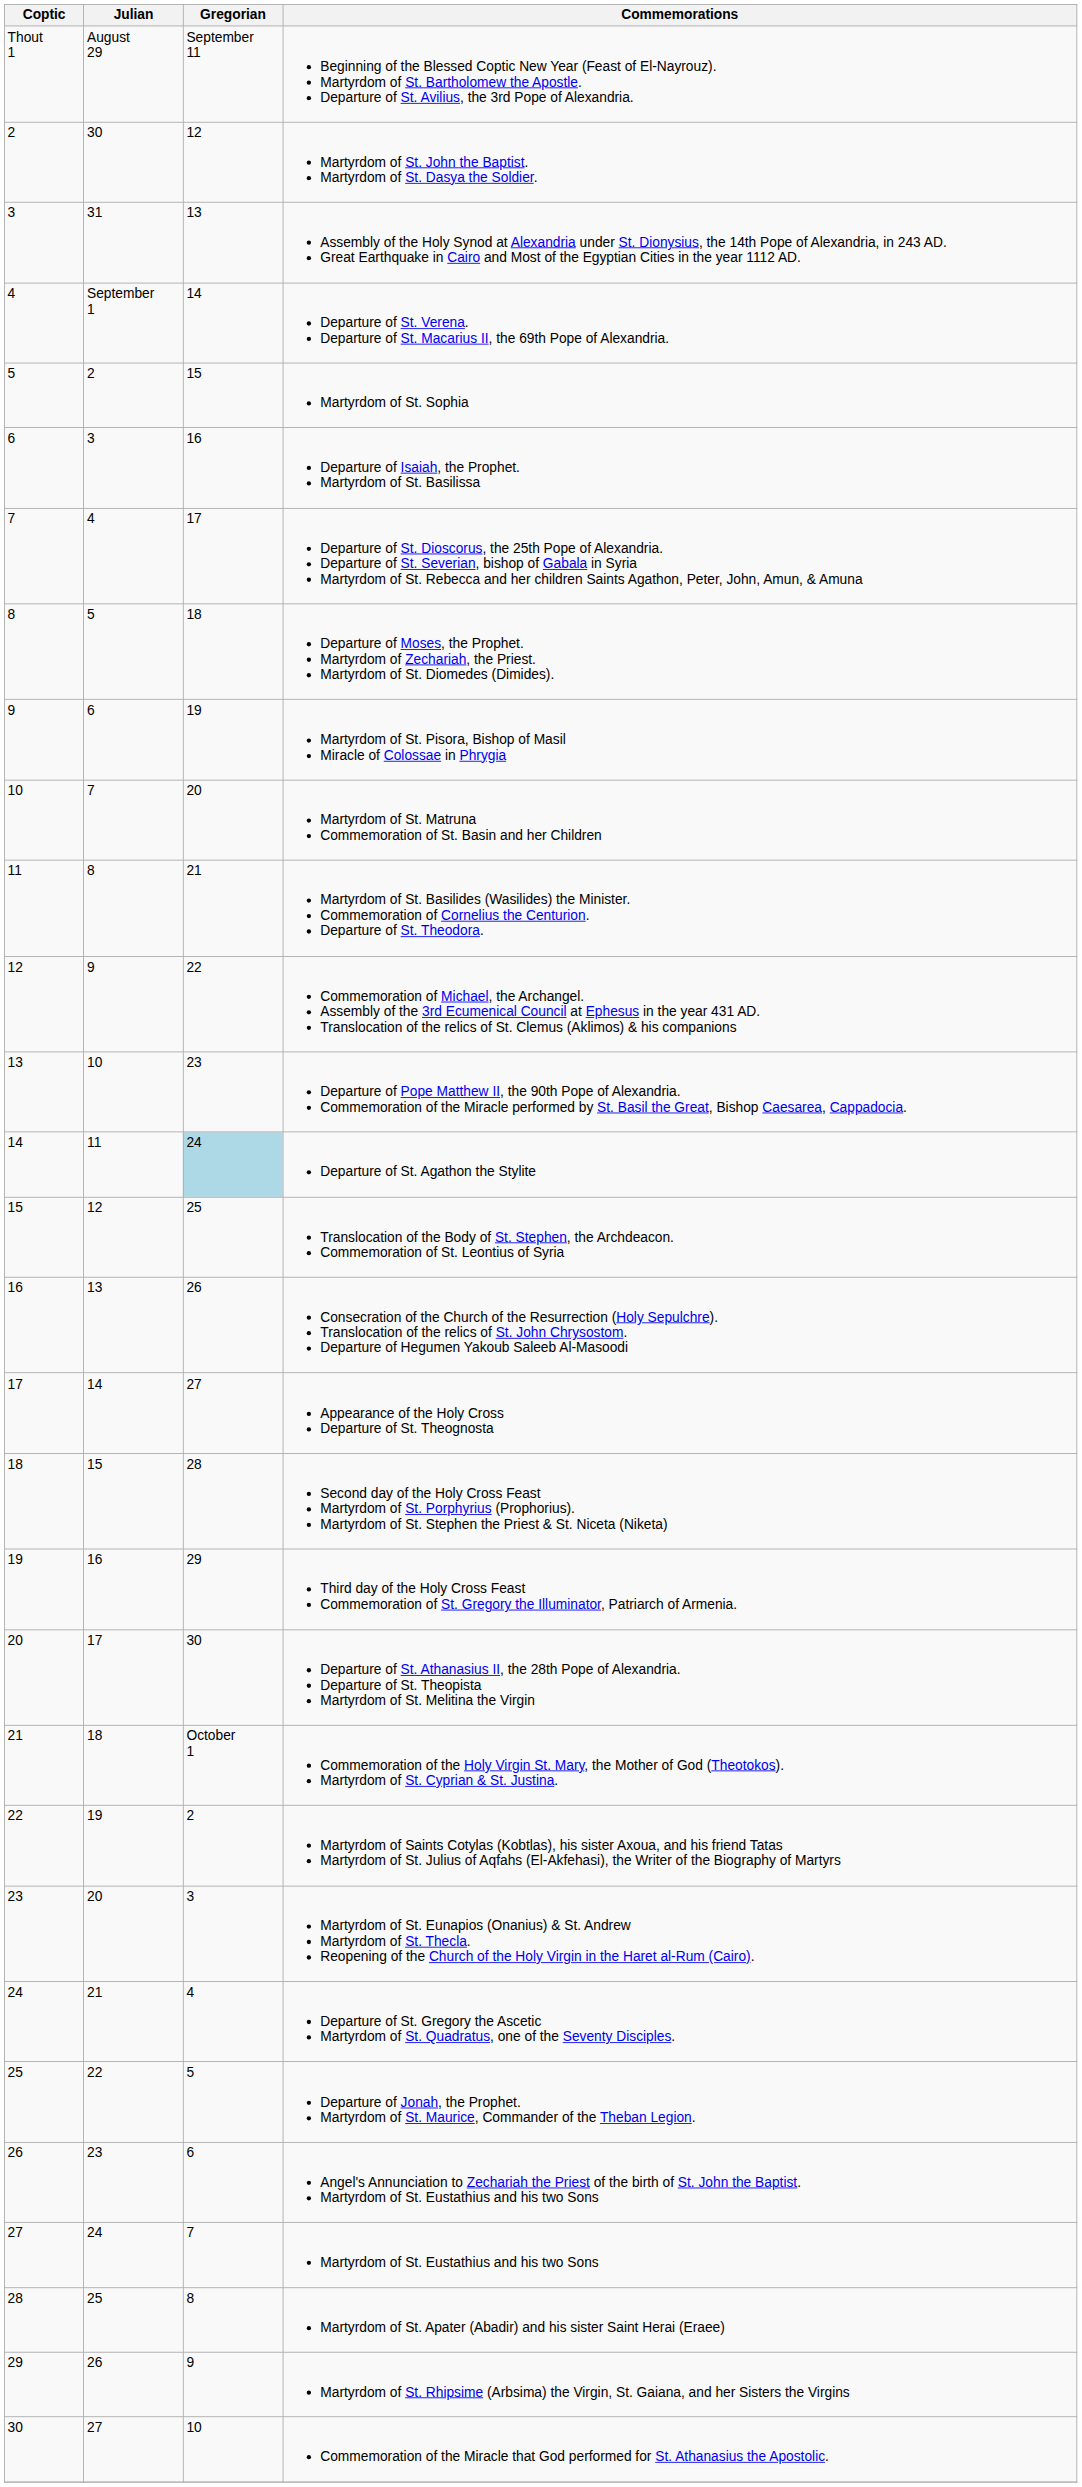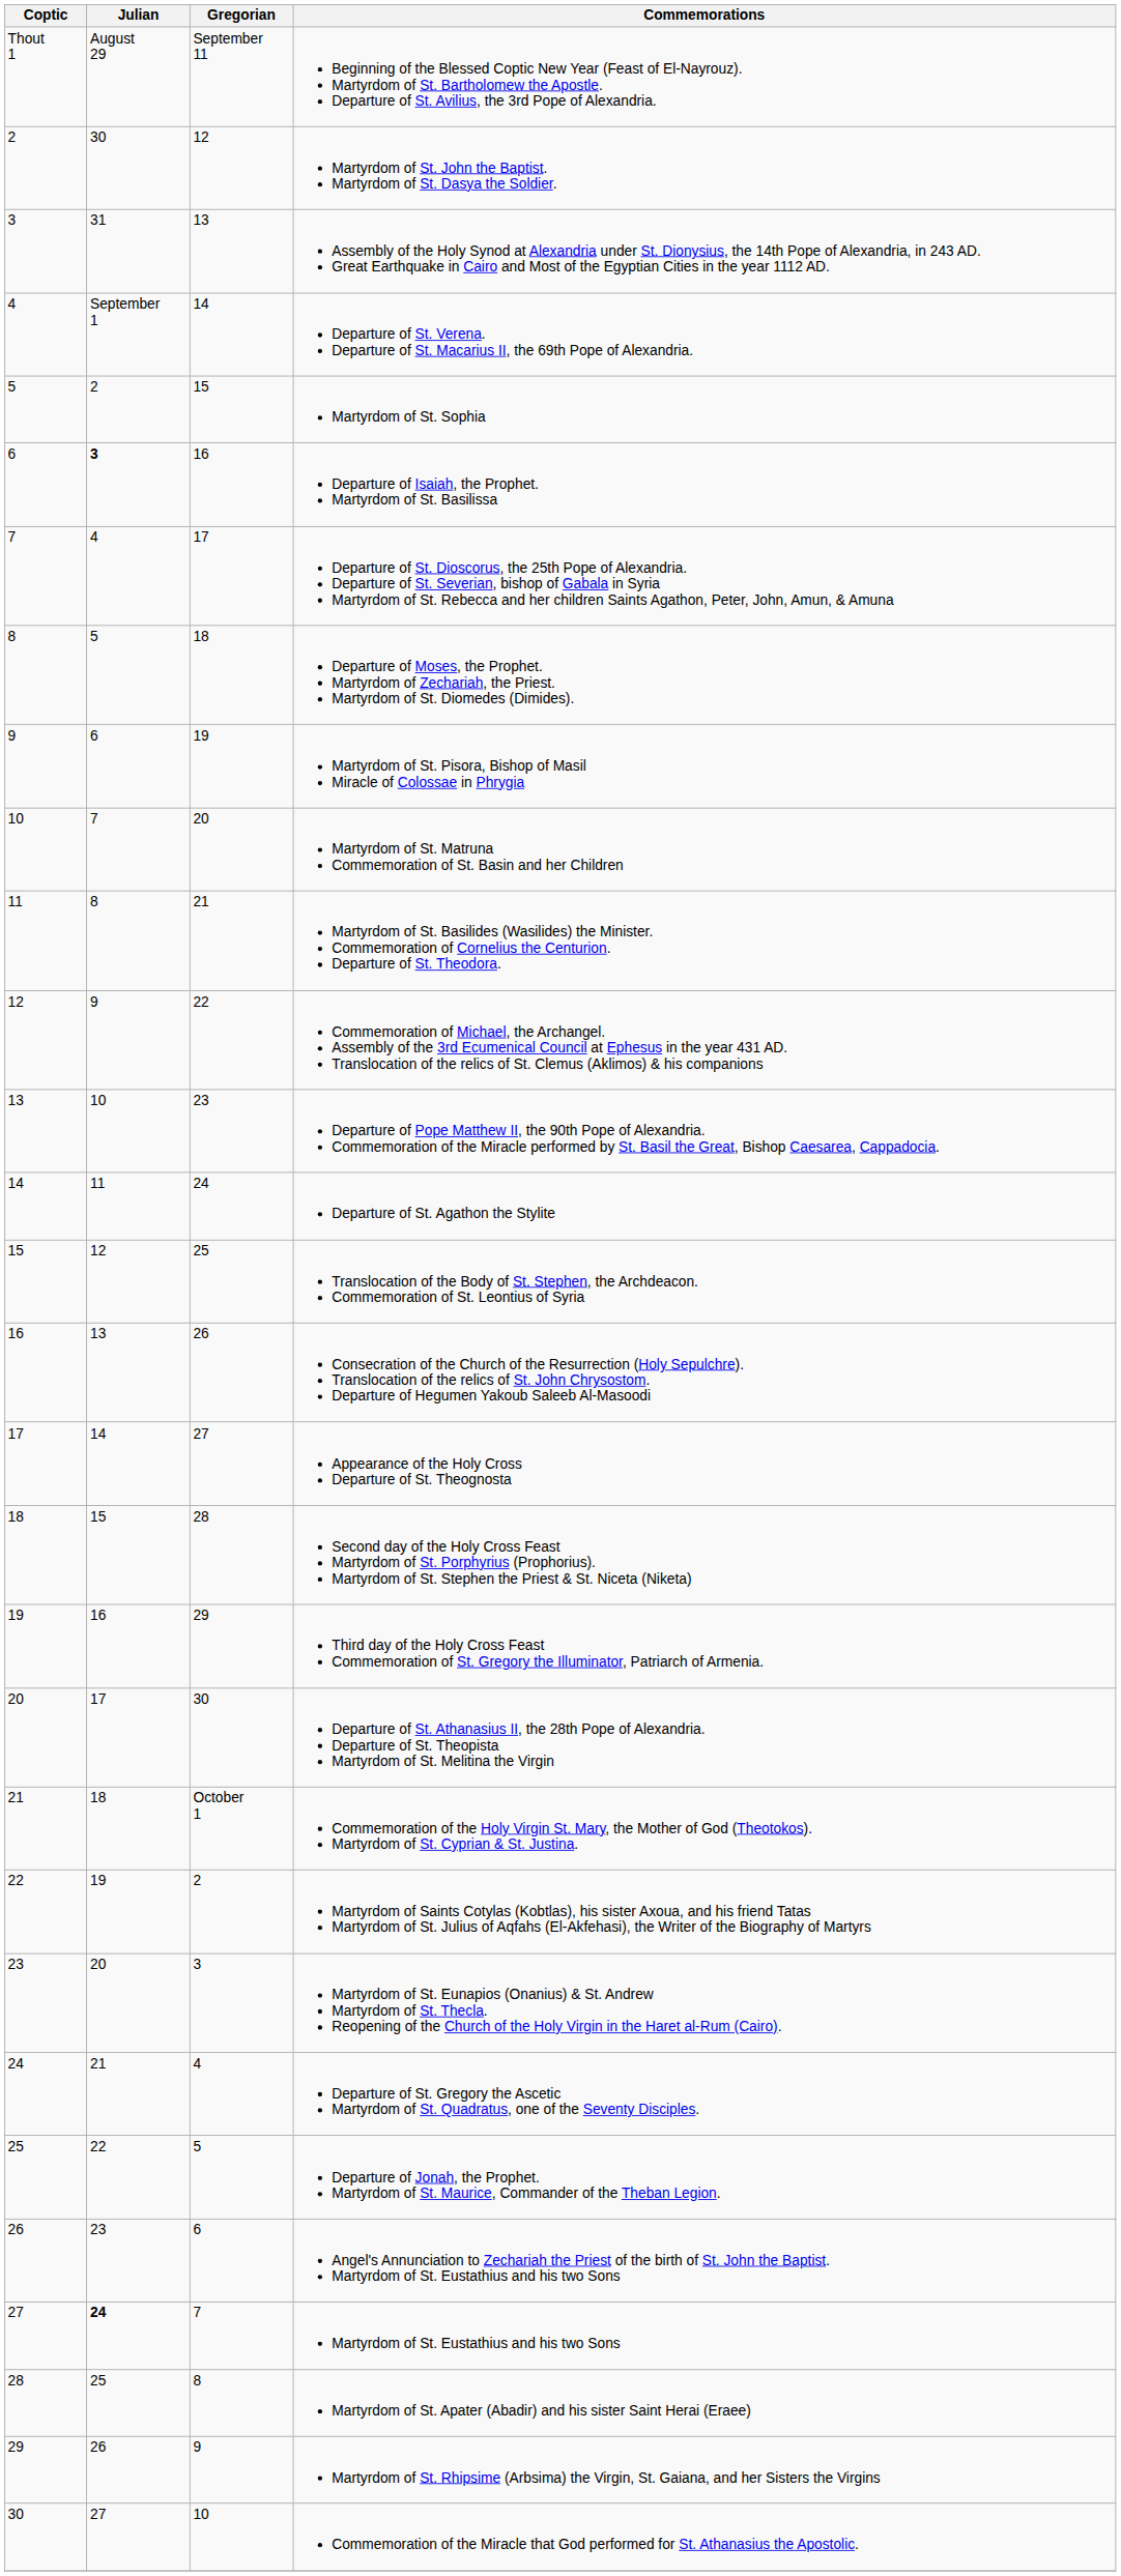 <table class="wikitable">
 <tr>
 <th style="width:5%;">Coptic</th>
 <th style="width:5%;">Julian</th>
 <th style="width:5%;">Gregorian</th>
 <th style="width:50%;">Commemorations</th>
 </tr>
 <tr valign="top">
 <td>Thout<br>1</td>
 <td>August<br>29</td>
 <td>September<br>11</td>
 <td><br><ul><li>Beginning of the Blessed Coptic New Year (Feast of El-Nayrouz).</li><li>Martyrdom of <a href='#'>St. Bartholomew the Apostle</a>.</li><li>Departure of <a href='#'>St. Avilius</a>, the 3rd Pope of Alexandria.</li></ul></td>
 </tr>
 <tr valign="top">
 <td>2</td>
 <td>30</td>
 <td>12</td>
 <td><br><ul><li>Martyrdom of <a href='#'>St. John the Baptist</a>.</li><li>Martyrdom of <a href='#'>St. Dasya the Soldier</a>.</li></ul></td>
 </tr>
 <tr valign="top">
 <td>3</td>
 <td>31</td>
 <td>13</td>
 <td><br><ul><li>Assembly of the Holy Synod at <a href='#'>Alexandria</a> under <a href='#'>St. Dionysius</a>, the 14th Pope of Alexandria, in 243 AD.</li><li>Great Earthquake in <a href='#'>Cairo</a> and Most of the Egyptian Cities in the year 1112 AD.</li></ul></td>
 </tr>
 <tr valign="top">
 <td>4</td>
 <td>September<br>1</td>
 <td>14</td>
 <td><br><ul><li>Departure of <a href='#'>St. Verena</a>.</li><li>Departure of <a href='#'>St. Macarius II</a>, the 69th Pope of Alexandria.</li></ul></td>
 </tr>
 <tr valign="top">
 <td>5</td>
 <td>2</td>
 <td>15</td>
 <td><br><ul><li>Martyrdom of St. Sophia</li></ul></td>
 </tr>
 <tr valign="top">
 <td>6</td>
-<td>3</td>
+<td><strong>3</strong></td>
 <td>16</td>
 <td><br><ul><li>Departure of <a href='#'>Isaiah</a>, the Prophet.</li><li>Martyrdom of St. Basilissa</li></ul></td>
 </tr>
 <tr valign="top">
 <td>7</td>
 <td>4</td>
 <td>17</td>
 <td><br><ul><li>Departure of <a href='#'>St. Dioscorus</a>, the 25th Pope of Alexandria.</li><li>Departure of <a href='#'>St. Severian</a>, bishop of <a href='#'>Gabala</a> in Syria</li><li>Martyrdom of St. Rebecca and her children Saints Agathon, Peter, John, Amun, & Amuna</li></ul></td>
 </tr>
 <tr valign="top">
 <td>8</td>
 <td>5</td>
 <td>18</td>
 <td><br><ul><li>Departure of <a href='#'>Moses</a>, the Prophet.</li><li>Martyrdom of <a href='#'>Zechariah</a>, the Priest.</li><li>Martyrdom of St. Diomedes (Dimides).</li></ul></td>
 </tr>
 <tr valign="top">
 <td>9</td>
 <td>6</td>
 <td>19</td>
 <td><br><ul><li>Martyrdom of St. Pisora, Bishop of Masil</li><li>Miracle of <a href='#'>Colossae</a> in <a href='#'>Phrygia</a></li></ul></td>
 </tr>
 <tr valign="top">
 <td>10</td>
 <td>7</td>
 <td>20</td>
 <td><br><ul><li>Martyrdom of St. Matruna</li><li>Commemoration of St. Basin and her Children</li></ul></td>
 </tr>
 <tr valign="top">
 <td>11</td>
 <td>8</td>
 <td>21</td>
 <td><br><ul><li>Martyrdom of St. Basilides (Wasilides) the Minister.</li><li>Commemoration of <a href='#'>Cornelius the Centurion</a>.</li><li>Departure of <a href='#'>St. Theodora</a>.</li></ul></td>
 </tr>
 <tr valign="top">
 <td>12</td>
 <td>9</td>
 <td>22</td>
 <td><br><ul><li>Commemoration of <a href='#'>Michael</a>, the Archangel.</li><li>Assembly of the <a href='#'>3rd Ecumenical Council</a> at <a href='#'>Ephesus</a> in the year 431 AD.</li><li>Translocation of the relics of St. Clemus (Aklimos) & his companions</li></ul></td>
 </tr>
 <tr valign="top">
 <td>13</td>
 <td>10</td>
 <td>23</td>
 <td><br><ul><li>Departure of <a href='#'>Pope Matthew II</a>, the 90th Pope of Alexandria.</li><li>Commemoration of the Miracle performed by <a href='#'>St. Basil the Great</a>, Bishop <a href='#'>Caesarea</a>, <a href='#'>Cappadocia</a>.</li></ul></td>
 </tr>
 <tr valign="top">
 <td>14</td>
 <td>11</td>
-<td style="background: lightblue;">24</td>
+<td>24</td>
 <td><br><ul><li>Departure of St. Agathon the Stylite</li></ul></td>
 </tr>
 <tr valign="top">
 <td>15</td>
 <td>12</td>
 <td>25</td>
 <td><br><ul><li>Translocation of the Body of <a href='#'>St. Stephen</a>, the Archdeacon.</li><li>Commemoration of St. Leontius of Syria</li></ul></td>
 </tr>
 <tr valign="top">
 <td>16</td>
 <td>13</td>
 <td>26</td>
 <td><br><ul><li>Consecration of the Church of the Resurrection (<a href='#'>Holy Sepulchre</a>).</li><li>Translocation of the relics of <a href='#'>St. John Chrysostom</a>.</li><li>Departure of Hegumen Yakoub Saleeb Al-Masoodi</li></ul></td>
 </tr>
 <tr valign="top">
 <td>17</td>
 <td>14</td>
 <td>27</td>
 <td><br><ul><li>Appearance of the Holy Cross</li><li>Departure of St. Theognosta</li></ul></td>
 </tr>
 <tr valign="top">
 <td>18</td>
 <td>15</td>
 <td>28</td>
 <td><br><ul><li>Second day of the Holy Cross Feast</li><li>Martyrdom of <a href='#'>St. Porphyrius</a> (Prophorius).</li><li>Martyrdom of St. Stephen the Priest & St. Niceta (Niketa)</li></ul></td>
 </tr>
 <tr valign="top">
 <td>19</td>
 <td>16</td>
 <td>29</td>
 <td><br><ul><li>Third day of the Holy Cross Feast</li><li>Commemoration of <a href='#'>St. Gregory the Illuminator</a>, Patriarch of Armenia.</li></ul></td>
 </tr>
 <tr valign="top">
 <td>20</td>
 <td>17</td>
 <td>30</td>
 <td><br><ul><li>Departure of <a href='#'>St. Athanasius II</a>, the 28th Pope of Alexandria.</li><li>Departure of St. Theopista</li><li>Martyrdom of St. Melitina the Virgin</li></ul></td>
 </tr>
 <tr valign="top">
 <td>21</td>
 <td>18</td>
 <td>October<br>1</td>
 <td><br><ul><li>Commemoration of the <a href='#'>Holy Virgin St. Mary</a>, the Mother of God (<a href='#'>Theotokos</a>).</li><li>Martyrdom of <a href='#'>St. Cyprian & St. Justina</a>.</li></ul></td>
 </tr>
 <tr valign="top">
 <td>22</td>
 <td>19</td>
 <td>2</td>
 <td><br><ul><li>Martyrdom of Saints Cotylas (Kobtlas), his sister Axoua, and his friend Tatas</li><li>Martyrdom of St. Julius of Aqfahs (El-Akfehasi), the Writer of the Biography of Martyrs</li></ul></td>
 </tr>
 <tr valign="top">
 <td>23</td>
 <td>20</td>
 <td>3</td>
 <td><br><ul><li>Martyrdom of St. Eunapios (Onanius) & St. Andrew</li><li>Martyrdom of <a href='#'>St. Thecla</a>.</li><li>Reopening of the <a href='#'>Church of the Holy Virgin in the Haret al-Rum (Cairo)</a>.</li></ul></td>
 </tr>
 <tr valign="top">
 <td>24</td>
 <td>21</td>
 <td>4</td>
 <td><br><ul><li>Departure of St. Gregory the Ascetic</li><li>Martyrdom of <a href='#'>St. Quadratus</a>, one of the <a href='#'>Seventy Disciples</a>.</li></ul></td>
 </tr>
 <tr valign="top">
 <td>25</td>
 <td>22</td>
 <td>5</td>
 <td><br><ul><li>Departure of <a href='#'>Jonah</a>, the Prophet.</li><li>Martyrdom of <a href='#'>St. Maurice</a>, Commander of the <a href='#'>Theban Legion</a>.</li></ul></td>
 </tr>
 <tr valign="top">
 <td>26</td>
 <td>23</td>
 <td>6</td>
 <td><br><ul><li>Angel's Annunciation to <a href='#'>Zechariah the Priest</a> of the birth of <a href='#'>St. John the Baptist</a>.</li><li>Martyrdom of St. Eustathius and his two Sons</li></ul></td>
 </tr>
 <tr valign="top">
 <td>27</td>
-<td>24</td>
+<td><strong>24</strong></td>
 <td>7</td>
 <td><br><ul><li>Martyrdom of St. Eustathius and his two Sons</li></ul></td>
 </tr>
 <tr valign="top">
 <td>28</td>
 <td>25</td>
 <td>8</td>
 <td><br><ul><li>Martyrdom of St. Apater (Abadir) and his sister Saint Herai (Eraee)</li></ul></td>
 </tr>
 <tr valign="top">
 <td>29</td>
 <td>26</td>
 <td>9</td>
 <td><br><ul><li>Martyrdom of <a href='#'>St. Rhipsime</a> (Arbsima) the Virgin, St. Gaiana, and her Sisters the Virgins</li></ul></td>
 </tr>
 <tr valign="top">
 <td>30</td>
 <td>27</td>
 <td>10</td>
 <td><br><ul><li>Commemoration of the Miracle that God performed for <a href='#'>St. Athanasius the Apostolic</a>.</li></ul></td>
 </tr>
 <tr valign="top">
 </tr>
 </table>
